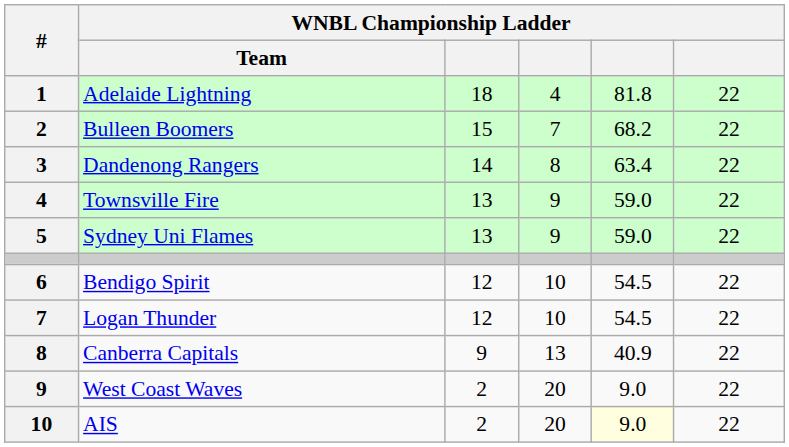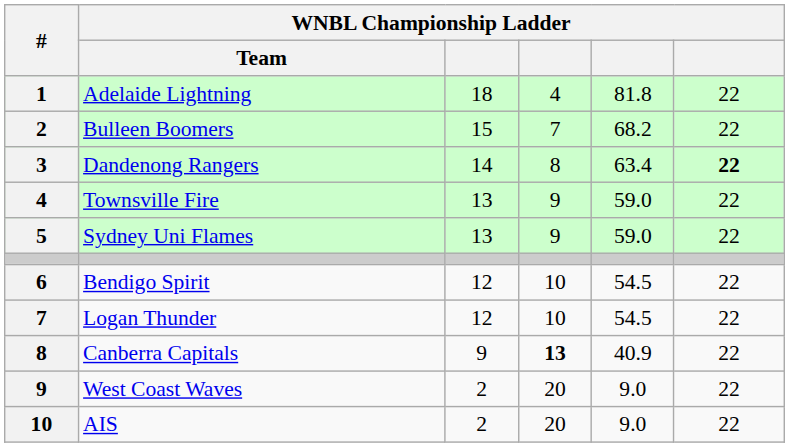 <table class="wikitable" width="43.5%" style="font-size:95%; text-align:center">
 <tr>
 <th width="5%" rowspan=2>#</th>
 <th colspan="6" align="center"><strong>WNBL Championship Ladder</strong></th>
 </tr>
 <tr>
 <th width="25%">Team</th>
 <th width="5%"></th>
 <th width="5%"></th>
 <th width="5%"></th>
 <th width="7.5%"></th>
 </tr>
 <tr style="background-color:#CCFFCC">
 <th>1</th>
 <td style="text-align:left;"><a href='#'>Adelaide Lightning</a></td>
 <td>18</td>
 <td>4</td>
 <td>81.8</td>
 <td>22</td>
 </tr>
 <tr style="background-color:#CCFFCC">
 <th>2</th>
 <td style="text-align:left;"><a href='#'>Bulleen Boomers</a></td>
 <td>15</td>
 <td>7</td>
 <td>68.2</td>
 <td>22</td>
 </tr>
 <tr style="background-color:#CCFFCC">
 <th>3</th>
 <td style="text-align:left;"><a href='#'>Dandenong Rangers</a></td>
 <td>14</td>
 <td>8</td>
 <td>63.4</td>
-<td>22</td>
+<td><strong>22</strong></td>
 </tr>
 <tr style="background-color:#CCFFCC">
 <th>4</th>
 <td style="text-align:left;"><a href='#'>Townsville Fire</a></td>
 <td>13</td>
 <td>9</td>
 <td>59.0</td>
 <td>22</td>
 </tr>
 <tr style="background-color:#CCFFCC">
 <th>5</th>
 <td style="text-align:left;"><a href='#'>Sydney Uni Flames</a></td>
 <td>13</td>
 <td>9</td>
 <td>59.0</td>
 <td>22</td>
 </tr>
 <tr style="background-color:#cccccc;">
 <td></td>
 <td></td>
 <td></td>
 <td></td>
 <td></td>
 <td></td>
 </tr>
 <tr>
 <th>6</th>
 <td style="text-align:left;"><a href='#'>Bendigo Spirit</a></td>
 <td>12</td>
 <td>10</td>
 <td>54.5</td>
 <td>22</td>
 </tr>
 <tr>
 <th>7</th>
 <td style="text-align:left;"><a href='#'>Logan Thunder</a></td>
 <td>12</td>
 <td>10</td>
 <td>54.5</td>
 <td>22</td>
 </tr>
 <tr>
 <th>8</th>
 <td style="text-align:left;"><a href='#'>Canberra Capitals</a></td>
 <td>9</td>
-<td>13</td>
+<td><strong>13</strong></td>
 <td>40.9</td>
 <td>22</td>
 </tr>
 <tr>
 <th>9</th>
 <td style="text-align:left;"><a href='#'>West Coast Waves</a></td>
 <td>2</td>
 <td>20</td>
 <td>9.0</td>
 <td>22</td>
 </tr>
 <tr>
 <th>10</th>
 <td style="text-align:left;"><a href='#'>AIS</a></td>
 <td>2</td>
 <td>20</td>
-<td style="background: lightyellow;">9.0</td>
+<td>9.0</td>
 <td>22</td>
 </tr>
 </table>
